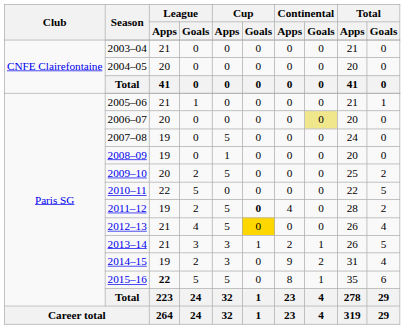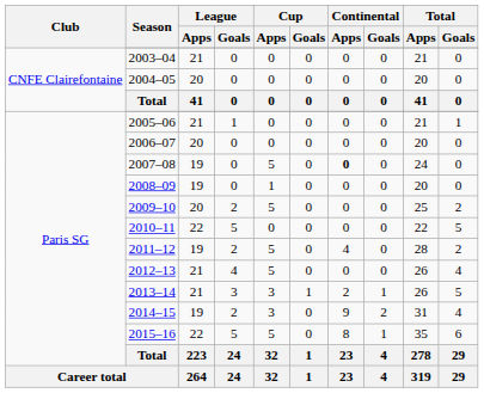 <table class="wikitable" style="text-align: center;">
 <tr>
 <th rowspan="2">Club</th>
 <th rowspan="2">Season</th>
 <th colspan="2">League</th>
 <th colspan="2">Cup</th>
 <th colspan="2">Continental</th>
 <th colspan="2">Total</th>
 </tr>
 <tr>
 <th>Apps</th>
 <th>Goals</th>
 <th>Apps</th>
 <th>Goals</th>
 <th>Apps</th>
 <th>Goals</th>
 <th>Apps</th>
 <th>Goals</th>
 </tr>
 <tr>
 <td rowspan="4" valign="center"><a href='#'>CNFE Clairefontaine</a></td>
 </tr>
 <tr>
 <td>2003–04</td>
 <td>21</td>
 <td 0>0</td>
 <td>0</td>
 <td>0</td>
 <td>0</td>
 <td>0</td>
 <td>21</td>
 <td>0</td>
 </tr>
 <tr>
 <td>2004–05</td>
 <td>20</td>
 <td 0>0</td>
 <td>0</td>
 <td>0</td>
 <td>0</td>
 <td>0</td>
 <td>20</td>
 <td>0</td>
 </tr>
 <tr>
 <th>Total</th>
 <th>41</th>
 <th>0</th>
 <th>0</th>
 <th>0</th>
 <th>0</th>
 <th>0</th>
 <th>41</th>
 <th>0</th>
 </tr>
 <tr>
 <td rowspan="13" valign="center"><a href='#'>Paris SG</a></td>
 </tr>
 <tr>
 <td>2005–06</td>
 <td>21</td>
 <td>1</td>
 <td>0</td>
 <td>0</td>
 <td>0</td>
 <td>0</td>
 <td>21</td>
 <td>1</td>
 </tr>
 <tr>
 <td>2006–07</td>
 <td>20</td>
 <td>0</td>
 <td>0</td>
 <td>0</td>
 <td>0</td>
-<td style="background: khaki;">0</td>
+<td>0</td>
 <td>20</td>
 <td>0</td>
 </tr>
 <tr>
 <td>2007–08</td>
 <td>19</td>
 <td>0</td>
 <td>5</td>
 <td>0</td>
-<td>0</td>
+<td><strong>0</strong></td>
 <td>0</td>
 <td>24</td>
 <td>0</td>
 </tr>
 <tr>
 <td><a href='#'>2008–09</a></td>
 <td>19</td>
 <td>0</td>
 <td>1</td>
 <td>0</td>
 <td>0</td>
 <td>0</td>
 <td>20</td>
 <td>0</td>
 </tr>
 <tr>
 <td><a href='#'>2009–10</a></td>
 <td>20</td>
 <td>2</td>
 <td>5</td>
 <td>0</td>
 <td>0</td>
 <td>0</td>
 <td>25</td>
 <td>2</td>
 </tr>
 <tr>
 <td><a href='#'>2010–11</a></td>
 <td>22</td>
 <td>5</td>
 <td>0</td>
 <td>0</td>
 <td>0</td>
 <td>0</td>
 <td>22</td>
 <td>5</td>
 </tr>
 <tr>
 <td><a href='#'>2011–12</a></td>
 <td>19</td>
 <td>2</td>
 <td>5</td>
-<td><strong>0</strong></td>
+<td>0</td>
 <td>4</td>
 <td>0</td>
 <td>28</td>
 <td>2</td>
 </tr>
 <tr>
 <td><a href='#'>2012–13</a></td>
 <td>21</td>
 <td>4</td>
 <td>5</td>
-<td style="background: gold;">0</td>
+<td>0</td>
 <td>0</td>
 <td>0</td>
 <td>26</td>
 <td>4</td>
 </tr>
 <tr>
 <td><a href='#'>2013–14</a></td>
 <td>21</td>
 <td>3</td>
 <td>3</td>
 <td>1</td>
 <td>2</td>
 <td>1</td>
 <td>26</td>
 <td>5</td>
 </tr>
 <tr>
 <td><a href='#'>2014–15</a></td>
 <td>19</td>
 <td>2</td>
 <td>3</td>
 <td>0</td>
 <td>9</td>
 <td>2</td>
 <td>31</td>
 <td>4</td>
 </tr>
 <tr>
 <td><a href='#'>2015–16</a></td>
-<td><strong>22</strong></td>
+<td>22</td>
 <td>5</td>
 <td>5</td>
 <td>0</td>
 <td>8</td>
 <td>1</td>
 <td>35</td>
 <td>6</td>
 </tr>
 <tr>
 <th>Total</th>
 <th>223</th>
 <th>24</th>
 <th>32</th>
 <th>1</th>
 <th>23</th>
 <th>4</th>
 <th>278</th>
 <th>29</th>
 </tr>
 <tr>
 <th colspan="2">Career total</th>
 <th>264</th>
 <th>24</th>
 <th>32</th>
 <th>1</th>
 <th>23</th>
 <th>4</th>
 <th>319</th>
 <th>29</th>
 </tr>
 </table>
